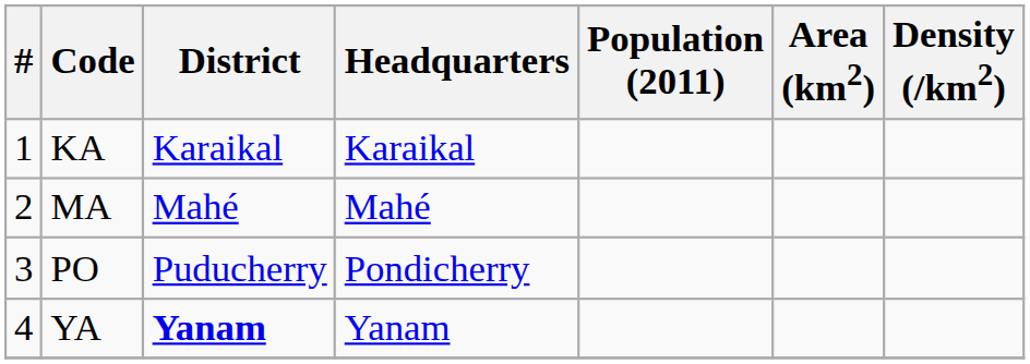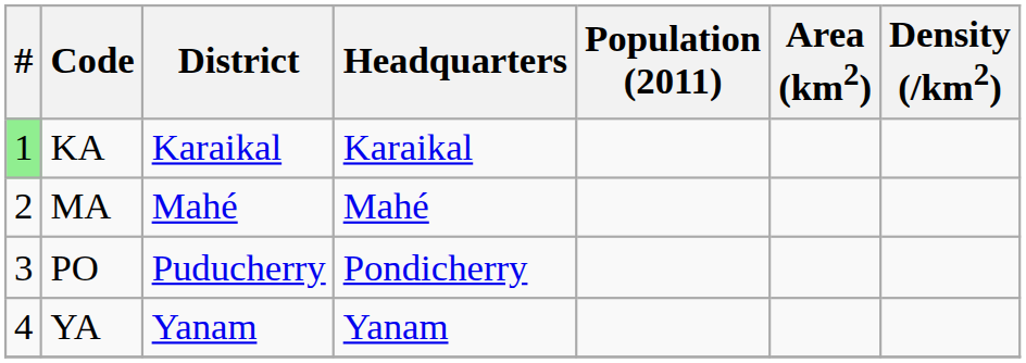 <table class="wikitable sortable">
 <tr>
 <th>#</th>
 <th>Code</th>
 <th>District</th>
 <th>Headquarters</th>
 <th>Population <br>(2011)</th>
 <th>Area <br>(km<sup>2</sup>)</th>
 <th>Density <br>(/km<sup>2</sup>)</th>
 </tr>
 <tr>
-<td>1</td>
+<td style="background: lightgreen;">1</td>
 <td>KA</td>
 <td><a href='#'>Karaikal</a></td>
 <td><a href='#'>Karaikal</a></td>
 <td> </td>
 <td> </td>
 <td> </td>
 </tr>
 <tr>
 <td>2</td>
 <td>MA</td>
 <td><a href='#'>Mahé</a></td>
 <td><a href='#'>Mahé</a></td>
 <td> </td>
 <td> </td>
 <td> </td>
 </tr>
 <tr>
 <td>3</td>
 <td>PO</td>
 <td><a href='#'>Puducherry</a></td>
 <td><a href='#'>Pondicherry</a></td>
 <td> </td>
 <td> </td>
 <td> </td>
 </tr>
 <tr>
 <td>4</td>
 <td>YA</td>
-<td><strong><a href='#'>Yanam</a></strong></td>
+<td><a href='#'>Yanam</a></td>
 <td><a href='#'>Yanam</a></td>
 <td> </td>
 <td> </td>
 <td> </td>
 </tr>
 <tr>
 </tr>
 </table>
